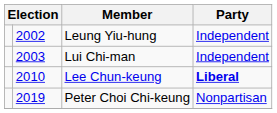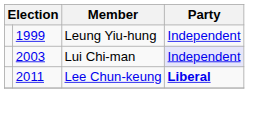 <table class="wikitable">
 <tr>
 <th colspan="2">Election</th>
 <th>Member</th>
 <th>Party</th>
 </tr>
 <tr>
 <td style="background-color: "></td>
-<td><a href='#'>2002</a></td>
+<td><a href='#'>1999</a></td>
 <td>Leung Yiu-hung</td>
 <td><a href='#'>Independent</a></td>
 </tr>
 <tr>
 <td style="background-color: "></td>
 <td><a href='#'>2003</a></td>
 <td>Lui Chi-man</td>
-<td><a href='#'>Independent</a></td>
+<td style="background: lavender;"><a href='#'>Independent</a></td>
 </tr>
 <tr>
 <td style="background-color: "></td>
-<td><a href='#'>2010</a></td>
+<td><a href='#'>2011</a></td>
 <td><a href='#'>Lee Chun-keung</a></td>
 <td><strong><a href='#'>Liberal</a></strong></td>
 </tr>
 <tr>
-<td style="background-color: "></td>
-<td><a href='#'>2019</a></td>
-<td>Peter Choi Chi-keung</td>
-<td><a href='#'>Nonpartisan</a></td>
-</tr>
-<tr>
 </tr>
 </table>
